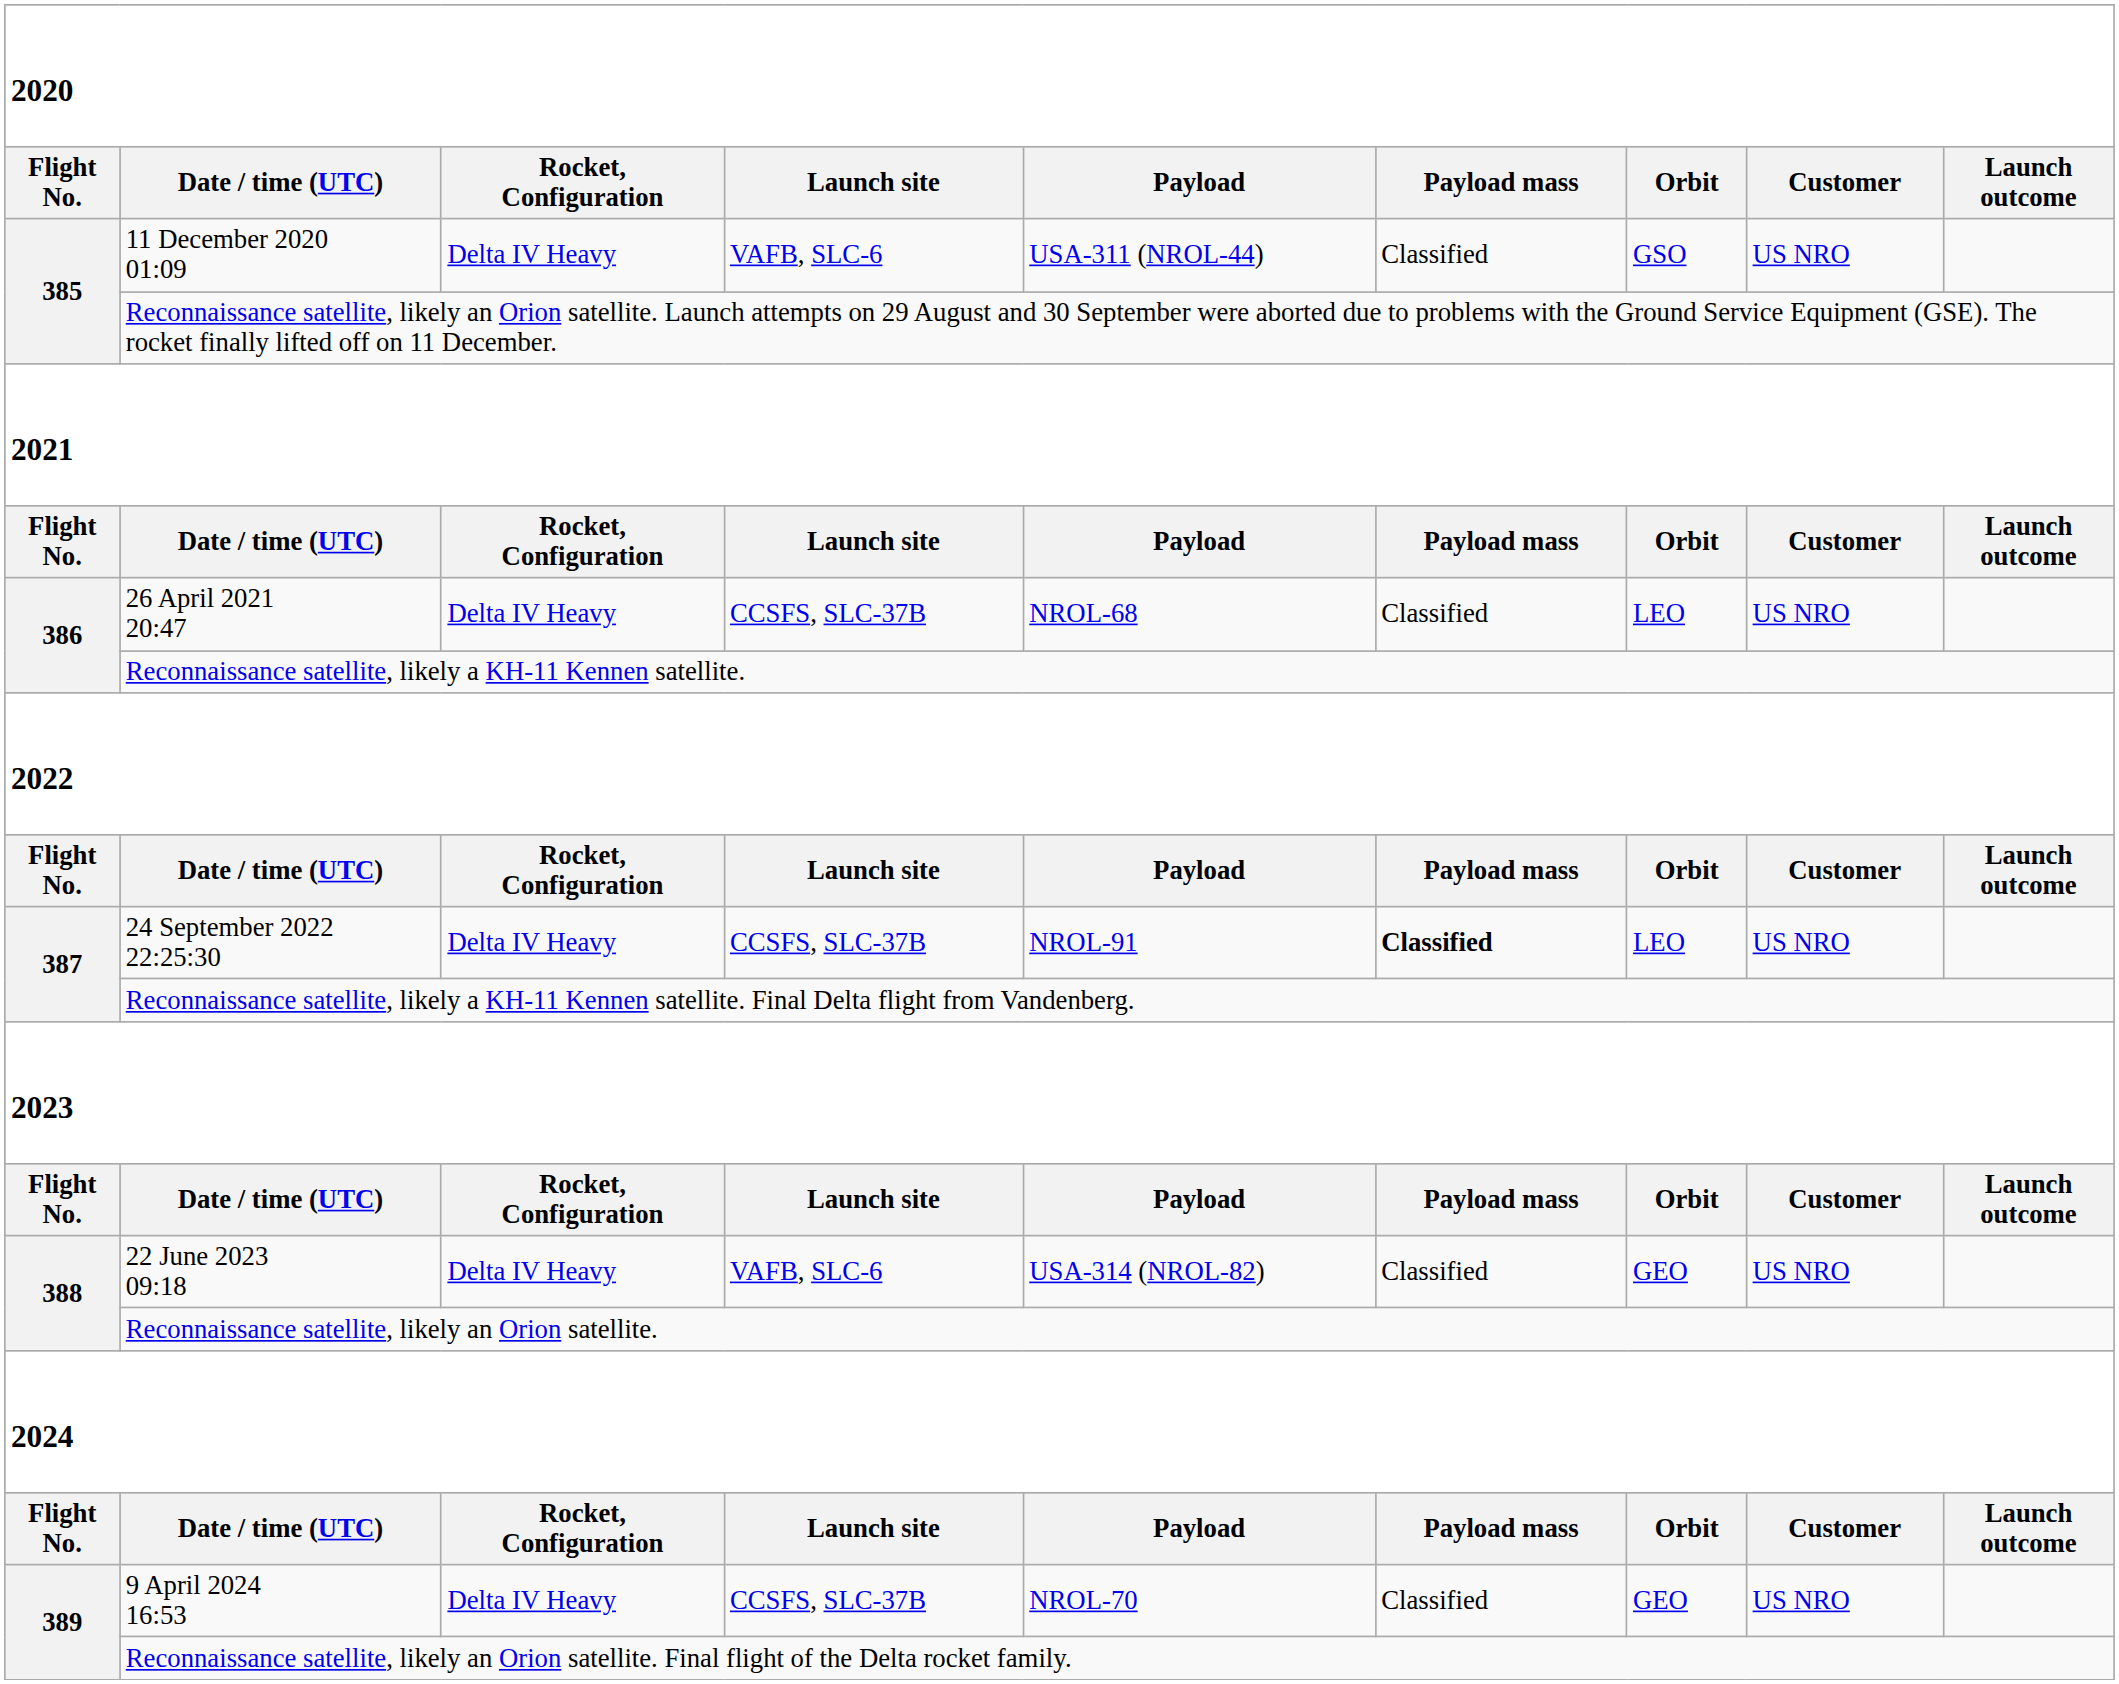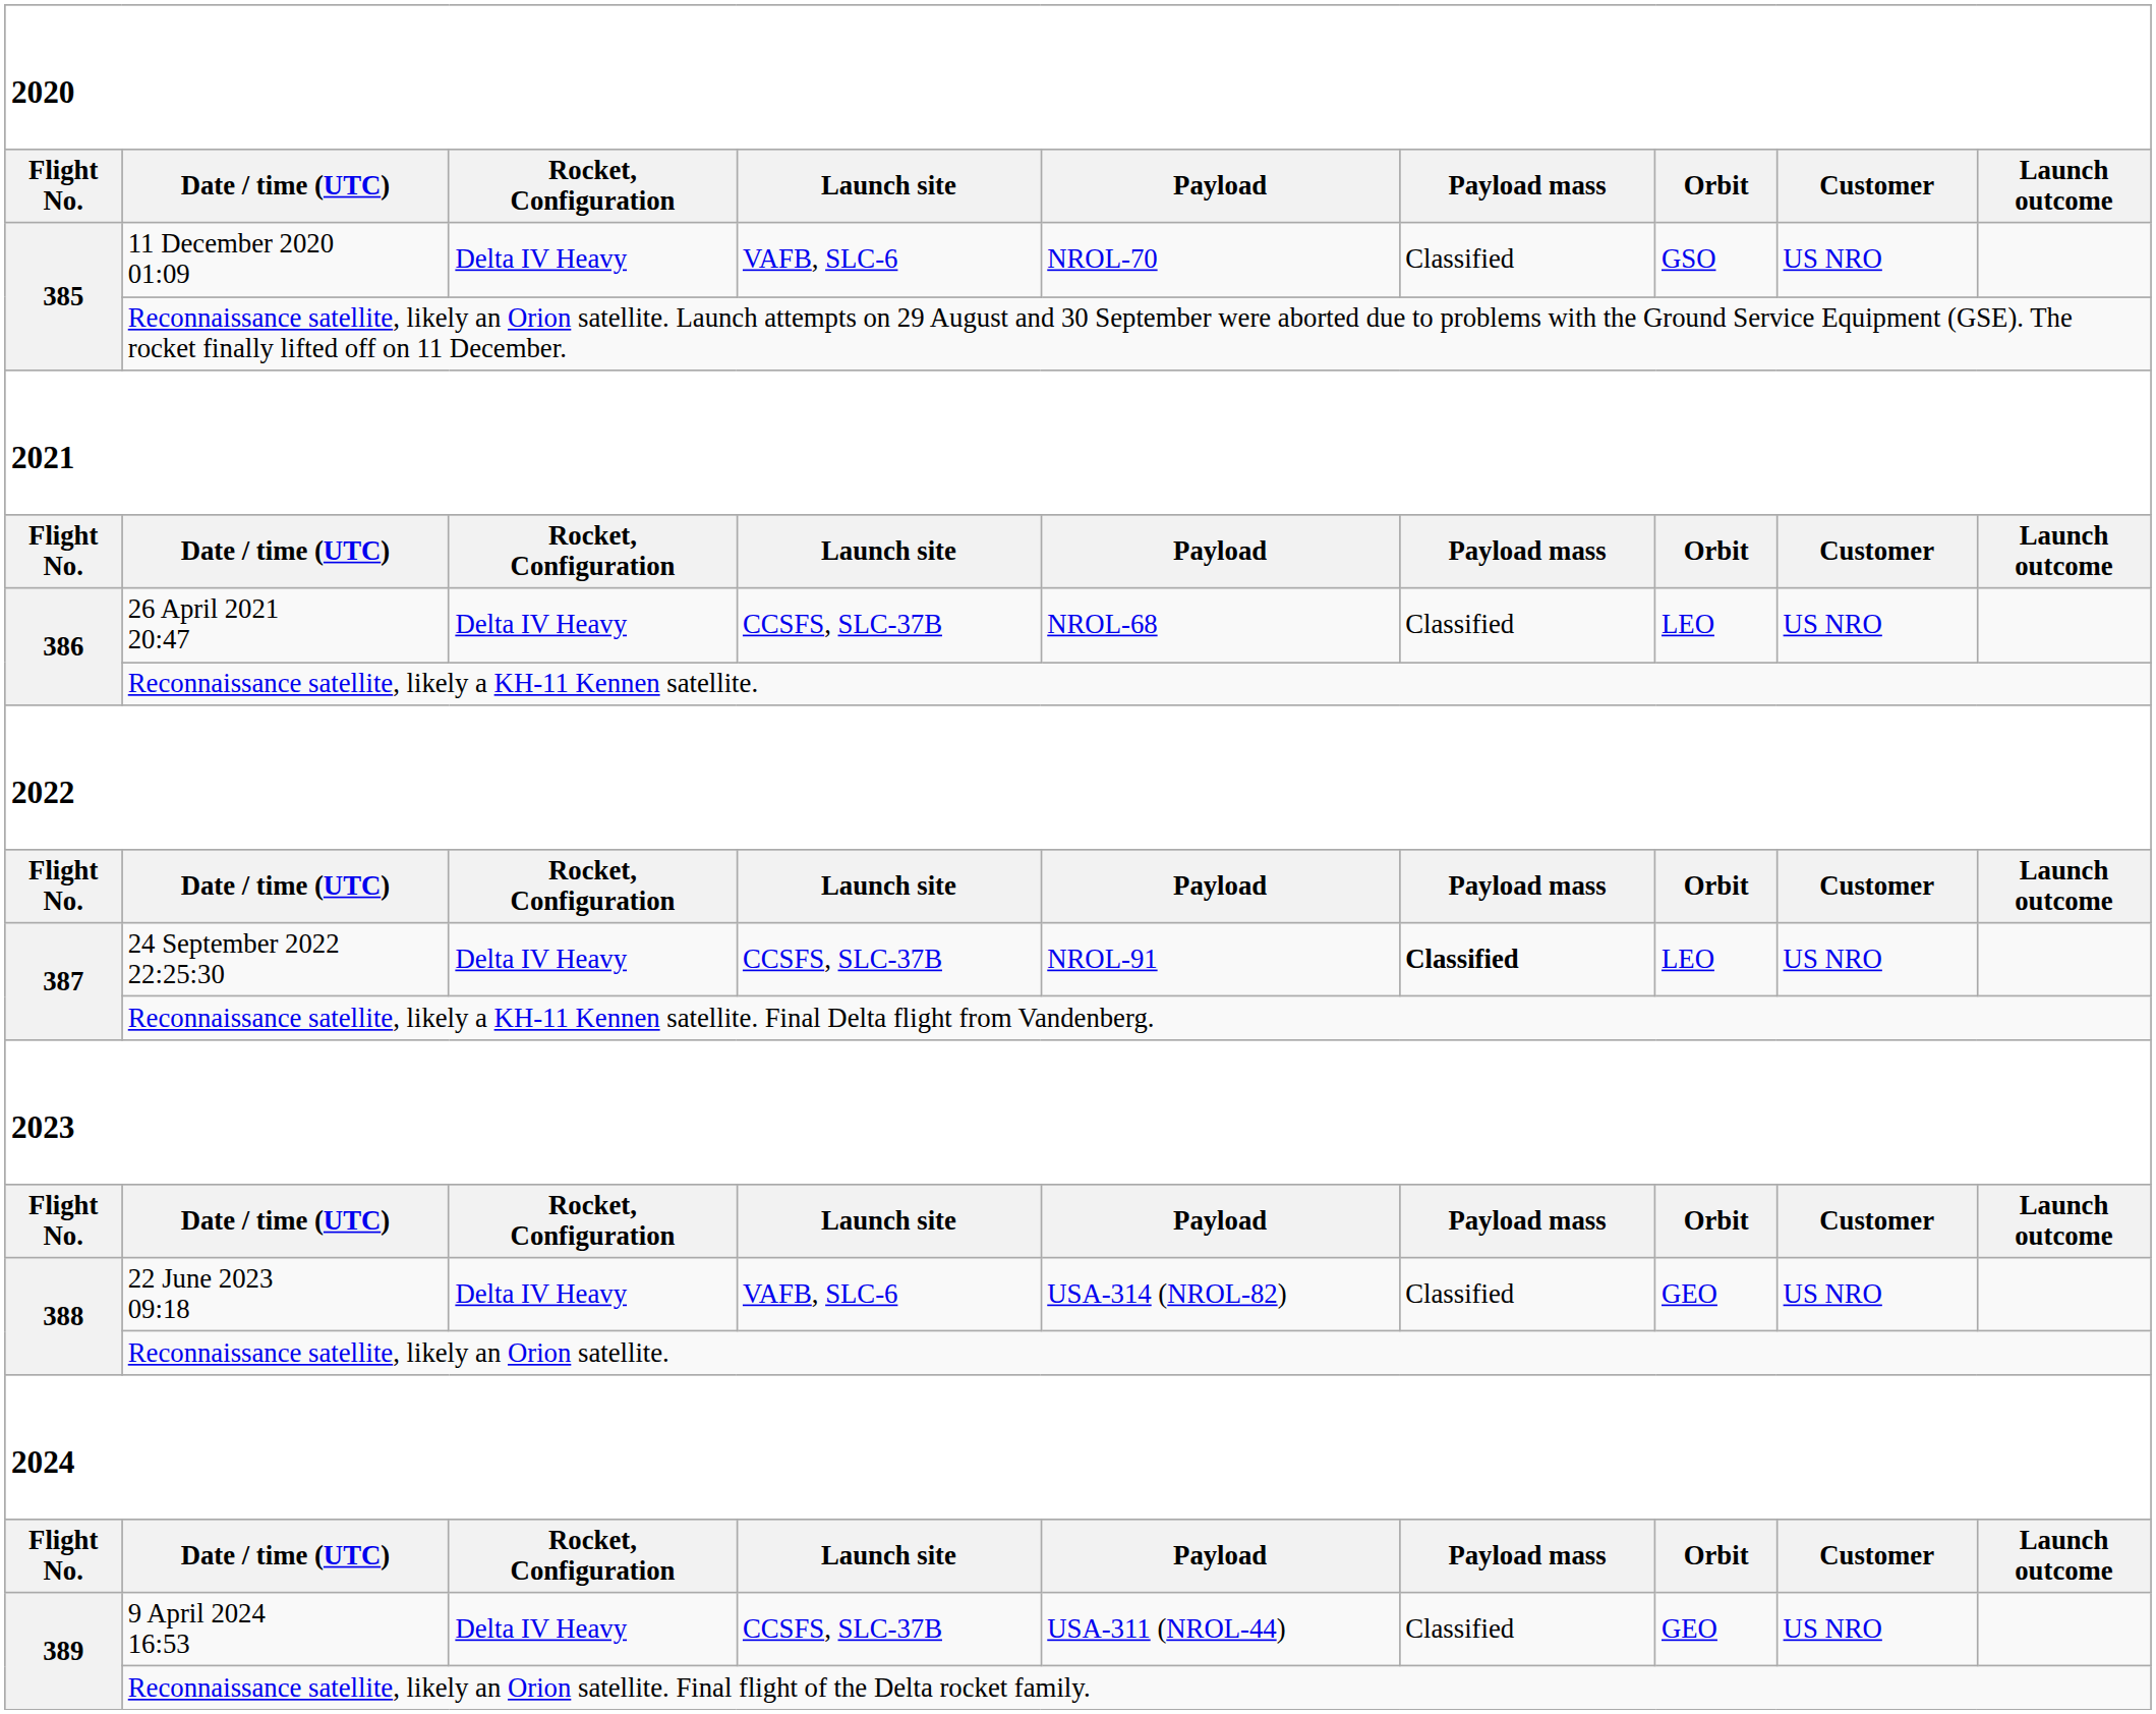 <table class="wikitable plainrowheaders" style="width: 100%;">
 <tr>
 <td colspan="9" style="background:white;"><br><h3>2020</h3></td>
 </tr>
 <tr>
 <th scope="col">Flight No.</th>
 <th scope="col">Date / time (<a href='#'>UTC</a>)</th>
 <th scope="col">Rocket,<br>Configuration</th>
 <th scope="col">Launch site</th>
 <th scope="col">Payload</th>
 <th scope="col">Payload mass</th>
 <th scope="col">Orbit</th>
 <th scope="col">Customer</th>
 <th scope="col">Launch<br>outcome</th>
 </tr>
 <tr>
 <th scope="row" rowspan = 2 style="text-align:center;">385</th>
 <td>11 December 2020<br>01:09</td>
 <td><a href='#'>Delta IV Heavy</a></td>
 <td><a href='#'>VAFB</a>, <a href='#'>SLC-6</a></td>
-<td><a href='#'>USA-311</a> (<a href='#'>NROL-44</a>)</td>
+<td><a href='#'>NROL-70</a></td>
 <td>Classified</td>
 <td><a href='#'>GSO</a></td>
 <td><a href='#'>US NRO</a></td>
 <td></td>
 </tr>
 <tr>
 <td colspan="8"><a href='#'>Reconnaissance satellite</a>, likely an <a href='#'>Orion</a> satellite. Launch attempts on 29 August and 30 September were aborted due to problems with the Ground Service Equipment (GSE). The rocket finally lifted off on 11 December.</td>
 </tr>
 <tr>
 <td colspan=9 style="background:white;"><br><h3>2021</h3></td>
 </tr>
 <tr>
 <th scope="col">Flight No.</th>
 <th scope="col">Date / time (<a href='#'>UTC</a>)</th>
 <th scope="col">Rocket,<br>Configuration</th>
 <th scope="col">Launch site</th>
 <th scope="col">Payload</th>
 <th scope="col">Payload mass</th>
 <th scope="col">Orbit</th>
 <th scope="col">Customer</th>
 <th scope="col">Launch<br>outcome</th>
 </tr>
 <tr>
 <th scope="row" rowspan = 2 style="text-align:center;">386</th>
 <td>26 April 2021 <br>20:47</td>
 <td><a href='#'>Delta IV Heavy</a></td>
 <td><a href='#'>CCSFS</a>, <a href='#'>SLC-37B</a></td>
 <td><a href='#'>NROL-68</a></td>
 <td>Classified</td>
 <td><a href='#'>LEO</a></td>
 <td><a href='#'>US NRO</a></td>
 <td></td>
 </tr>
 <tr>
 <td colspan="8"><a href='#'>Reconnaissance satellite</a>, likely a <a href='#'>KH-11 Kennen</a> satellite.</td>
 </tr>
 <tr>
 <td colspan="9" style="background:white;"><br><h3>2022</h3></td>
 </tr>
 <tr>
 <th scope="col">Flight No.</th>
 <th scope="col">Date / time (<a href='#'>UTC</a>)</th>
 <th scope="col">Rocket,<br>Configuration</th>
 <th scope="col">Launch site</th>
 <th scope="col">Payload</th>
 <th scope="col">Payload mass</th>
 <th scope="col">Orbit</th>
 <th scope="col">Customer</th>
 <th scope="col">Launch<br>outcome</th>
 </tr>
 <tr>
 <th scope="row" rowspan = 2 style="text-align:center;">387</th>
 <td>24 September 2022<br>22:25:30</td>
 <td><a href='#'>Delta IV Heavy</a></td>
 <td><a href='#'>CCSFS</a>, <a href='#'>SLC-37B</a></td>
 <td><a href='#'>NROL-91</a></td>
 <td><strong>Classified</strong></td>
 <td><a href='#'>LEO</a></td>
 <td><a href='#'>US NRO</a></td>
 <td></td>
 </tr>
 <tr>
 <td colspan="8"><a href='#'>Reconnaissance satellite</a>, likely a <a href='#'>KH-11 Kennen</a> satellite. Final Delta flight from Vandenberg.</td>
 </tr>
 <tr>
 <td colspan=9 style="background:white;"><br><h3>2023</h3></td>
 </tr>
 <tr>
 <th scope="col">Flight No.</th>
 <th scope="col">Date / time (<a href='#'>UTC</a>)</th>
 <th scope="col">Rocket,<br>Configuration</th>
 <th scope="col">Launch site</th>
 <th scope="col">Payload</th>
 <th scope="col">Payload mass</th>
 <th scope="col">Orbit</th>
 <th scope="col">Customer</th>
 <th scope="col">Launch<br>outcome</th>
 </tr>
 <tr>
 <th scope="row" rowspan = 2 style="text-align:center;">388</th>
 <td>22 June 2023<br>09:18</td>
 <td><a href='#'>Delta IV Heavy</a></td>
 <td><a href='#'>VAFB</a>, <a href='#'>SLC-6</a></td>
 <td><a href='#'>USA-314</a> (<a href='#'>NROL-82</a>)</td>
 <td>Classified</td>
 <td><a href='#'>GEO</a></td>
 <td><a href='#'>US NRO</a></td>
 <td></td>
 </tr>
 <tr>
 <td colspan="8"><a href='#'>Reconnaissance satellite</a>, likely an <a href='#'>Orion</a> satellite.</td>
 </tr>
 <tr>
 <td colspan=9 style="background:white;"><br><h3>2024</h3></td>
 </tr>
 <tr>
 <th scope="col">Flight No.</th>
 <th scope="col">Date / time (<a href='#'>UTC</a>)</th>
 <th scope="col">Rocket,<br>Configuration</th>
 <th scope="col">Launch site</th>
 <th scope="col">Payload</th>
 <th scope="col">Payload mass</th>
 <th scope="col">Orbit</th>
 <th scope="col">Customer</th>
 <th scope="col">Launch<br>outcome</th>
 </tr>
 <tr>
 <th scope="row" rowspan = 2 style="text-align:center;">389</th>
 <td>9 April 2024<br>16:53</td>
 <td><a href='#'>Delta IV Heavy</a></td>
 <td><a href='#'>CCSFS</a>, <a href='#'>SLC-37B</a></td>
-<td><a href='#'>NROL-70</a></td>
+<td><a href='#'>USA-311</a> (<a href='#'>NROL-44</a>)</td>
 <td>Classified</td>
 <td><a href='#'>GEO</a></td>
 <td><a href='#'>US NRO</a></td>
 <td></td>
 </tr>
 <tr>
 <td colspan="8"><a href='#'>Reconnaissance satellite</a>, likely an <a href='#'>Orion</a> satellite. Final flight of the Delta rocket family.</td>
 </tr>
 </table>
